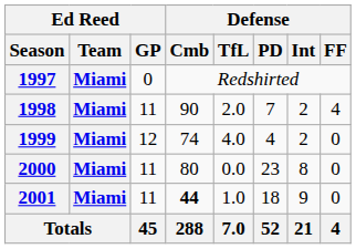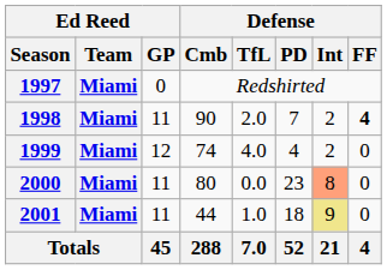 <table class="wikitable" style="text-align:center;">
 <tr>
 <th colspan="3">Ed Reed</th>
 <th colspan="5">Defense</th>
 </tr>
 <tr>
 <th>Season</th>
 <th>Team</th>
 <th>GP</th>
 <th>Cmb</th>
 <th>TfL</th>
 <th>PD</th>
 <th>Int</th>
 <th>FF</th>
 </tr>
 <tr>
 <th><a href='#'>1997</a></th>
 <th><a href='#'>Miami</a></th>
 <td>0</td>
 <td colspan="5"><em>Redshirted</em></td>
 </tr>
 <tr>
 <th><a href='#'>1998</a></th>
 <th><a href='#'>Miami</a></th>
 <td>11</td>
 <td>90</td>
 <td>2.0</td>
 <td>7</td>
 <td>2</td>
-<td>4</td>
+<td><strong>4</strong></td>
 </tr>
 <tr>
 <th><a href='#'>1999</a></th>
 <th><a href='#'>Miami</a></th>
 <td>12</td>
 <td>74</td>
 <td>4.0</td>
 <td>4</td>
 <td>2</td>
 <td>0</td>
 </tr>
 <tr>
 <th><a href='#'>2000</a></th>
 <th><a href='#'>Miami</a></th>
 <td>11</td>
 <td>80</td>
 <td>0.0</td>
 <td>23</td>
-<td>8</td>
+<td style="background: lightsalmon;">8</td>
 <td>0</td>
 </tr>
 <tr>
 <th><a href='#'>2001</a></th>
 <th><a href='#'>Miami</a></th>
 <td>11</td>
-<td><strong>44</strong></td>
+<td>44</td>
 <td>1.0</td>
 <td>18</td>
-<td>9</td>
+<td style="background: khaki;">9</td>
 <td>0</td>
 </tr>
 <tr>
 <th colspan="2">Totals</th>
 <th>45</th>
 <th>288</th>
 <th>7.0</th>
 <th>52</th>
 <th>21</th>
 <th>4</th>
 </tr>
 </table>
